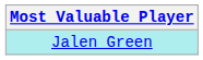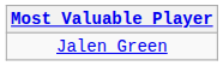 <table class=wikitable style="text-align:center; margin:auto">
 <tr>
 <th><a href='#'>Most Valuable Player</a></th>
 </tr>
 <tr>
-<td style="background: paleturquoise;"> <a href='#'>Jalen Green</a></td>
+<td> <a href='#'>Jalen Green</a></td>
 </tr>
 </table>
